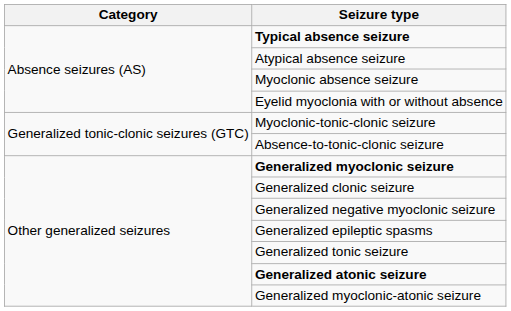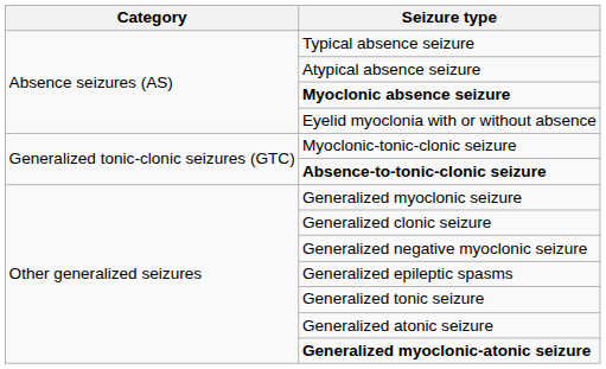 <table class="wikitable">
 <tr>
 <th>Category</th>
 <th>Seizure type</th>
 </tr>
 <tr>
 <td rowspan="4">Absence seizures (AS)</td>
-<td><strong>Typical absence seizure</strong></td>
+<td>Typical absence seizure</td>
 </tr>
 <tr>
 <td>Atypical absence seizure</td>
 </tr>
 <tr>
-<td>Myoclonic absence seizure</td>
+<td><strong>Myoclonic absence seizure</strong></td>
 </tr>
 <tr>
 <td>Eyelid myoclonia with or without absence</td>
 </tr>
 <tr>
 <td rowspan="2">Generalized tonic-clonic seizures (GTC)</td>
 <td>Myoclonic-tonic-clonic seizure</td>
 </tr>
 <tr>
-<td>Absence-to-tonic-clonic seizure</td>
+<td><strong>Absence-to-tonic-clonic seizure</strong></td>
 </tr>
 <tr>
 <td rowspan="7">Other generalized seizures</td>
-<td><strong>Generalized myoclonic seizure</strong></td>
+<td>Generalized myoclonic seizure</td>
 </tr>
 <tr>
 <td>Generalized clonic seizure</td>
 </tr>
 <tr>
 <td>Generalized negative myoclonic seizure</td>
 </tr>
 <tr>
 <td>Generalized epileptic spasms</td>
 </tr>
 <tr>
 <td>Generalized tonic seizure</td>
 </tr>
 <tr>
-<td><strong>Generalized atonic seizure</strong></td>
+<td>Generalized atonic seizure</td>
 </tr>
 <tr>
-<td>Generalized myoclonic-atonic seizure</td>
+<td><strong>Generalized myoclonic-atonic seizure</strong></td>
 </tr>
 </table>
